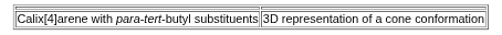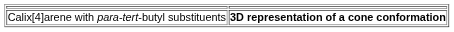 <table align="center" border="1">
 <tr>
 <td></td>
 <td></td>
 </tr>
 <tr>
 <td>Calix[4]arene with <em>para</em>-<em>tert</em>-butyl substituents</td>
-<td>3D representation of a cone conformation</td>
+<td><strong>3D representation of a cone conformation</strong></td>
 </tr>
 </table>
